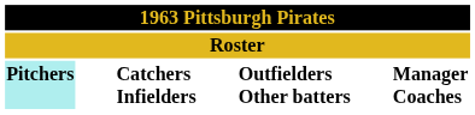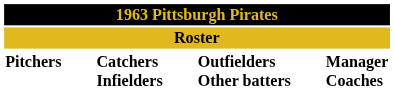 <table class="toccolours" style="font-size: 95%;">
 <tr>
 <th colspan="10" style="background-color: black; color: #e1b81e; text-align: center;">1963 Pittsburgh Pirates</th>
 </tr>
 <tr>
 <td colspan="10" style="background-color: #e1b81e; color: black; text-align: center;"><strong>Roster</strong></td>
 </tr>
 <tr>
-<td valign="top" style="background: paleturquoise;"><strong>Pitchers</strong><br>             </td>
+<td valign="top"><strong>Pitchers</strong><br>             </td>
 <td width="25px"></td>
 <td valign="top"><strong>Catchers</strong><br>    <strong>Infielders</strong>       </td>
 <td width="25px"></td>
 <td valign="top"><strong>Outfielders</strong><br>       <strong>Other batters</strong> </td>
 <td width="25px"></td>
 <td valign="top"><strong>Manager</strong><br> <strong>Coaches</strong>       </td>
 </tr>
 </table>
